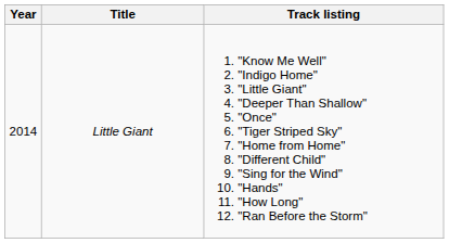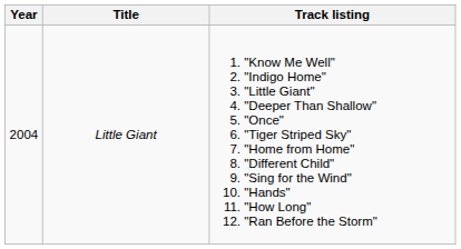 <table class="wikitable">
 <tr>
 <th width="40">Year</th>
 <th width="200">Title</th>
 <th width="300">Track listing</th>
 </tr>
 <tr>
-<td align="center">2014</td>
+<td align="center">2004</td>
 <td align="center"><em>Little Giant</em></td>
 <td><br><ol><li>"Know Me Well"</li><li>"Indigo Home"</li><li>"Little Giant"</li><li>"Deeper Than Shallow"</li><li>"Once"</li><li>"Tiger Striped Sky"</li><li>"Home from Home"</li><li>"Different Child"</li><li>"Sing for the Wind"</li><li>"Hands"</li><li>"How Long"</li><li>"Ran Before the Storm"</li></ol></td>
 </tr>
 </table>
